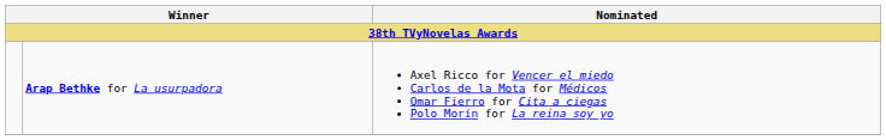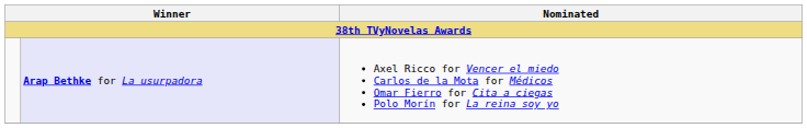 <table class="wikitable" width=80%>
 <tr align=center>
 <th width="150px;" colspan=2; align="center">Winner</th>
 <th width="580px;" align="center">Nominated</th>
 </tr>
 <tr>
 <th colspan=9 style="background:#EEDD82;"  align="center"><strong><a href='#'>38th TVyNovelas Awards</a></strong></th>
 </tr>
 <tr>
 <td width=2%></td>
-<td><strong><a href='#'>Arap Bethke</a></strong> for <em><a href='#'>La usurpadora</a></em></td>
+<td style="background: lavender;"><strong><a href='#'>Arap Bethke</a></strong> for <em><a href='#'>La usurpadora</a></em></td>
 <td><br><ul><li>Axel Ricco for <em><a href='#'>Vencer el miedo</a></em></li><li><a href='#'>Carlos de la Mota</a> for <em><a href='#'>Médicos</a></em></li><li><a href='#'>Omar Fierro</a> for <em><a href='#'>Cita a ciegas</a></em></li><li><a href='#'>Polo Morín</a> for <em><a href='#'>La reina soy yo</a></em></li></ul></td>
 </tr>
 <tr>
 </tr>
 </table>
